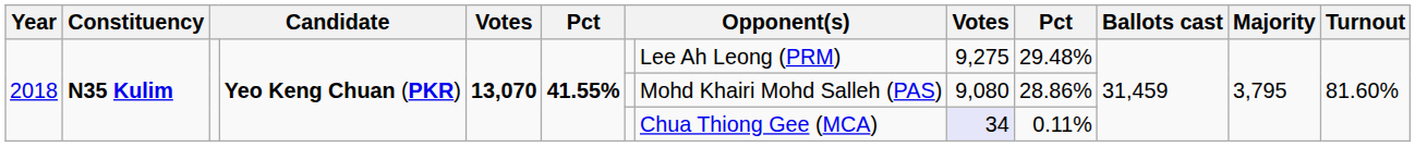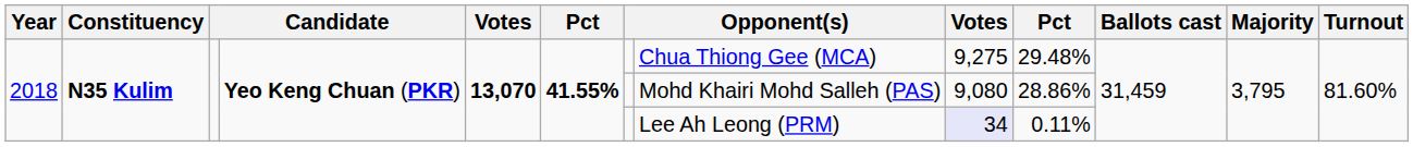 <table class="wikitable" style="margin:0.5em ; font-size:95%">
 <tr>
 <th>Year</th>
 <th>Constituency</th>
 <th colspan=2>Candidate</th>
 <th>Votes</th>
 <th>Pct</th>
 <th colspan=2>Opponent(s)</th>
 <th>Votes</th>
 <th>Pct</th>
 <th>Ballots cast</th>
 <th>Majority</th>
 <th>Turnout</th>
 </tr>
 <tr>
 <td rowspan=3><a href='#'>2018</a></td>
 <td rowspan=3><strong>N35 <a href='#'>Kulim</a></strong></td>
 <td rowspan=3 ></td>
 <td rowspan=3><strong>Yeo Keng Chuan</strong> (<a href='#'><strong>PKR</strong></a>)</td>
 <td rowspan=3 align=right><strong>13,070</strong></td>
 <td rowspan=3><strong>41.55%</strong></td>
 <td></td>
-<td>Lee Ah Leong (<a href='#'>PRM</a>)</td>
+<td><a href='#'>Chua Thiong Gee</a> (<a href='#'>MCA</a>)</td>
 <td align=right>9,275</td>
 <td>29.48%</td>
 <td rowspan=3>31,459</td>
 <td rowspan=3>3,795</td>
 <td rowspan=3>81.60%</td>
 </tr>
 <tr>
 <td></td>
 <td>Mohd Khairi Mohd Salleh (<a href='#'>PAS</a>)</td>
 <td align=right>9,080</td>
 <td>28.86%</td>
 </tr>
 <tr>
 <td bgcolor=></td>
-<td><a href='#'>Chua Thiong Gee</a> (<a href='#'>MCA</a>)</td>
+<td>Lee Ah Leong (<a href='#'>PRM</a>)</td>
 <td align=right style="background: lavender;">34</td>
 <td align=right>0.11%</td>
 </tr>
 </table>
